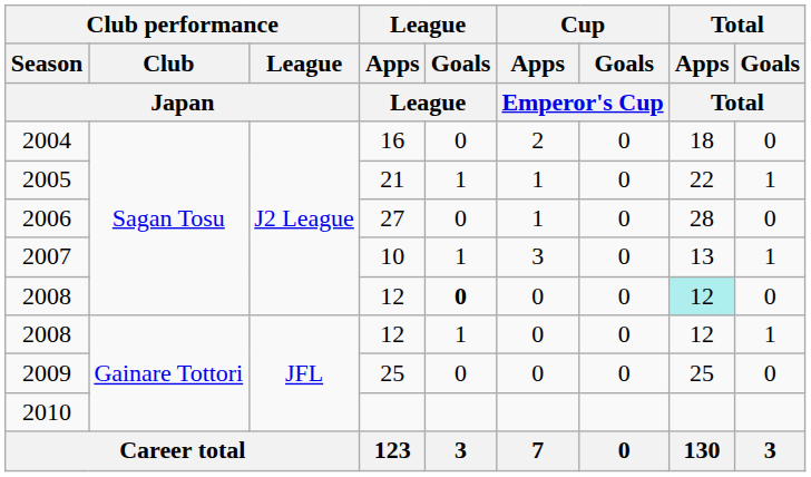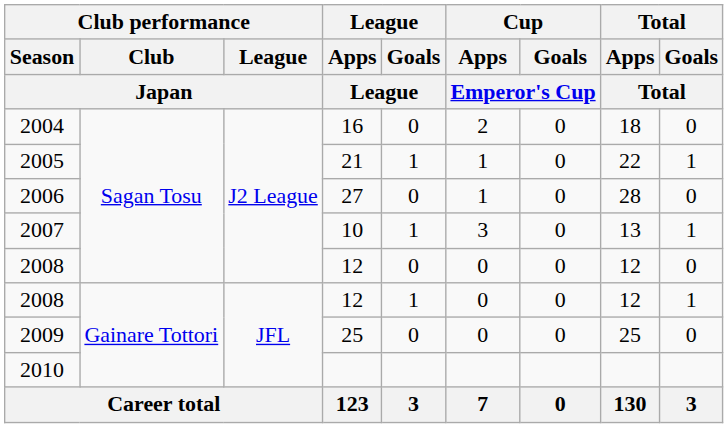 <table class="wikitable" style="text-align:center">
 <tr>
 <th colspan=3>Club performance</th>
 <th colspan=2>League</th>
 <th colspan=2>Cup</th>
 <th colspan=2>Total</th>
 </tr>
 <tr>
 <th>Season</th>
 <th>Club</th>
 <th>League</th>
 <th>Apps</th>
 <th>Goals</th>
 <th>Apps</th>
 <th>Goals</th>
 <th>Apps</th>
 <th>Goals</th>
 </tr>
 <tr>
 <th colspan=3>Japan</th>
 <th colspan=2>League</th>
 <th colspan=2><a href='#'>Emperor's Cup</a></th>
 <th colspan=2>Total</th>
 </tr>
 <tr>
 <td>2004</td>
 <td rowspan="5"><a href='#'>Sagan Tosu</a></td>
 <td rowspan="5"><a href='#'>J2 League</a></td>
 <td>16</td>
 <td>0</td>
 <td>2</td>
 <td>0</td>
 <td>18</td>
 <td>0</td>
 </tr>
 <tr>
 <td>2005</td>
 <td>21</td>
 <td>1</td>
 <td>1</td>
 <td>0</td>
 <td>22</td>
 <td>1</td>
 </tr>
 <tr>
 <td>2006</td>
 <td>27</td>
 <td>0</td>
 <td>1</td>
 <td>0</td>
 <td>28</td>
 <td>0</td>
 </tr>
 <tr>
 <td>2007</td>
 <td>10</td>
 <td>1</td>
 <td>3</td>
 <td>0</td>
 <td>13</td>
 <td>1</td>
 </tr>
 <tr>
 <td>2008</td>
 <td>12</td>
-<td><strong>0</strong></td>
 <td>0</td>
 <td>0</td>
-<td style="background: paleturquoise;">12</td>
+<td>0</td>
+<td>12</td>
 <td>0</td>
 </tr>
 <tr>
 <td>2008</td>
 <td rowspan="3"><a href='#'>Gainare Tottori</a></td>
 <td rowspan="3"><a href='#'>JFL</a></td>
 <td>12</td>
 <td>1</td>
 <td>0</td>
 <td>0</td>
 <td>12</td>
 <td>1</td>
 </tr>
 <tr>
 <td>2009</td>
 <td>25</td>
 <td>0</td>
 <td>0</td>
 <td>0</td>
 <td>25</td>
 <td>0</td>
 </tr>
 <tr>
 <td>2010</td>
 <td></td>
 <td></td>
 <td></td>
 <td></td>
 <td></td>
 <td></td>
 </tr>
 <tr>
 <th colspan=3>Career total</th>
 <th>123</th>
 <th>3</th>
 <th>7</th>
 <th>0</th>
 <th>130</th>
 <th>3</th>
 </tr>
 </table>
